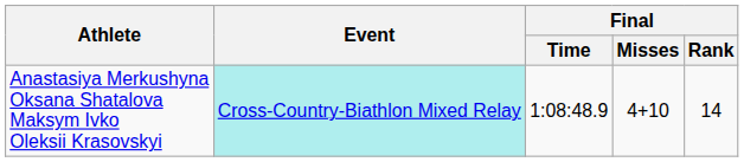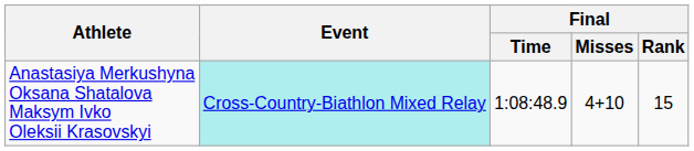 <table class="wikitable" style="font-size:90%;">
 <tr>
 <th rowspan="2">Athlete</th>
 <th rowspan="2">Event</th>
 <th colspan="3">Final</th>
 </tr>
 <tr>
 <th>Time</th>
 <th>Misses</th>
 <th>Rank</th>
 </tr>
 <tr>
 <td><a href='#'>Anastasiya Merkushyna</a><br><a href='#'>Oksana Shatalova</a><br><a href='#'>Maksym Ivko</a><br><a href='#'>Oleksii Krasovskyi</a></td>
 <td style="background: paleturquoise;"><a href='#'>Cross-Country-Biathlon Mixed Relay</a></td>
 <td align="center">1:08:48.9</td>
 <td align="center">4+10</td>
-<td align="center">14</td>
+<td align="center">15</td>
 </tr>
 </table>
